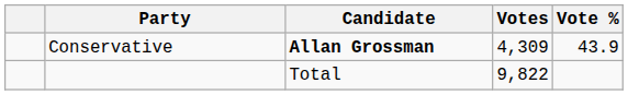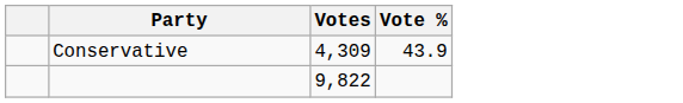 <table class="wikitable">
 <tr>
 <th></th>
 <th scope="col" width="175">Party</th>
-<th scope="col" width="150">Candidate</th>
 <th>Votes</th>
 <th>Vote %</th>
 </tr>
 <tr>
 <td>   </td>
 <td>Conservative</td>
-<td><strong>Allan Grossman</strong></td>
 <td align=right>4,309</td>
 <td align=right>43.9<br>    </td>
 </tr>
 <tr>
 <td></td>
 <td></td>
-<td>Total</td>
 <td align=right>9,822</td>
 <td></td>
 </tr>
 </table>
